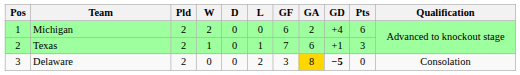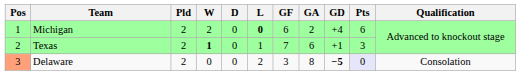 <table class="wikitable" style="text-align:center; margin: 1em auto">
 <tr>
 <th style="width:2em">Pos</th>
 <th style="width:13em">Team</th>
 <th style="width:2em">Pld</th>
 <th style="width:2em">W</th>
 <th style="width:2em">D</th>
 <th style="width:2em">L</th>
 <th style="width:2em">GF</th>
 <th style="width:2em">GA</th>
 <th style="width:2em">GD</th>
 <th style="width:2em">Pts</th>
 <th style="width:13em">Qualification</th>
 </tr>
 <tr bgcolor="#9eff9e">
 <td>1</td>
 <td style="text-align:left">Michigan</td>
 <td>2</td>
 <td>2</td>
 <td>0</td>
-<td>0</td>
+<td><strong>0</strong></td>
 <td>6</td>
 <td>2</td>
 <td>+4</td>
 <td>6</td>
 <td rowspan="2">Advanced to knockout stage</td>
 </tr>
 <tr bgcolor="#9eff9e">
 <td>2</td>
 <td style="text-align:left">Texas</td>
 <td>2</td>
-<td>1</td>
+<td><strong>1</strong></td>
 <td>0</td>
 <td>1</td>
 <td>7</td>
 <td>6</td>
 <td>+1</td>
 <td>3</td>
 </tr>
 <tr>
-<td>3</td>
+<td style="background: lightsalmon;">3</td>
 <td style="text-align:left">Delaware</td>
 <td>2</td>
 <td>0</td>
 <td>0</td>
 <td>2</td>
 <td>3</td>
-<td style="background: gold;">8</td>
+<td>8</td>
 <td><strong>−5</strong></td>
-<td>0</td>
+<td style="background: lavender;">0</td>
 <td>Consolation</td>
 </tr>
 </table>
